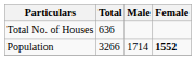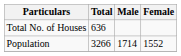 <table class="wikitable sortable">
 <tr>
 <th>Particulars</th>
 <th>Total</th>
 <th>Male</th>
 <th>Female</th>
 </tr>
 <tr>
 <td>Total No. of Houses</td>
 <td>636</td>
 <td></td>
 <td></td>
 </tr>
 <tr>
 <td>Population</td>
 <td>3266</td>
 <td>1714</td>
-<td><strong>1552</strong></td>
+<td>1552</td>
 </tr>
 <tr>
 </tr>
 </table>
